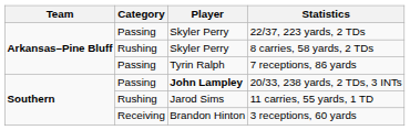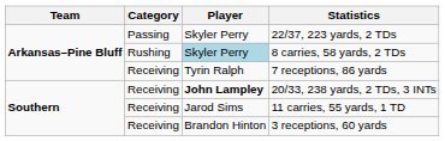 <table class="wikitable" style="float: left;">
 <tr>
 <th>Team</th>
 <th>Category</th>
 <th>Player</th>
 <th>Statistics</th>
 </tr>
 <tr>
 <td rowspan=3><strong>Arkansas–Pine Bluff</strong></td>
 <td>Passing</td>
 <td>Skyler Perry</td>
 <td>22/37, 223 yards, 2 TDs</td>
 </tr>
 <tr>
 <td>Rushing</td>
-<td>Skyler Perry</td>
+<td style="background: lightblue;">Skyler Perry</td>
 <td>8 carries, 58 yards, 2 TDs</td>
 </tr>
 <tr>
-<td>Passing</td>
+<td>Receiving</td>
 <td>Tyrin Ralph</td>
 <td>7 receptions, 86 yards</td>
 </tr>
 <tr>
 <td rowspan=3><strong>Southern</strong></td>
-<td>Passing</td>
+<td>Receiving</td>
 <td><strong>John Lampley</strong></td>
 <td>20/33, 238 yards, 2 TDs, 3 INTs</td>
 </tr>
 <tr>
-<td>Rushing</td>
+<td>Receiving</td>
 <td>Jarod Sims</td>
 <td>11 carries, 55 yards, 1 TD</td>
 </tr>
 <tr>
 <td>Receiving</td>
 <td>Brandon Hinton</td>
 <td>3 receptions, 60 yards</td>
 </tr>
 </table>
